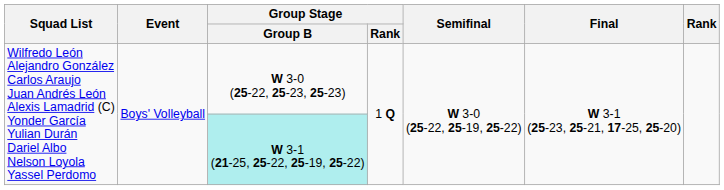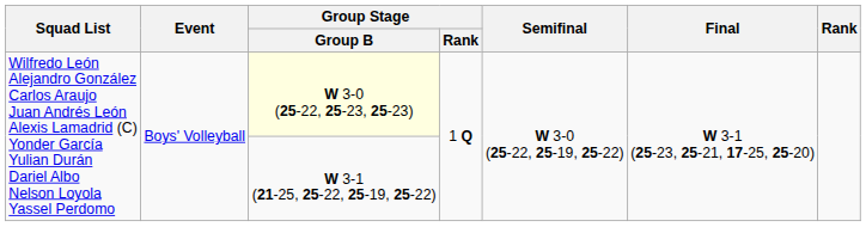 <table class=wikitable style="font-size:90%">
 <tr>
 <th rowspan=2>Squad List</th>
 <th rowspan=2>Event</th>
 <th colspan=2>Group Stage</th>
 <th rowspan=2>Semifinal</th>
 <th rowspan=2>Final</th>
 <th rowspan=2>Rank</th>
 </tr>
 <tr>
 <th>Group B</th>
 <th>Rank</th>
 </tr>
 <tr>
 <td rowspan=2><a href='#'>Wilfredo León</a><br><a href='#'>Alejandro González</a><br><a href='#'>Carlos Araujo</a><br><a href='#'>Juan Andrés León</a><br><a href='#'>Alexis Lamadrid</a> (C)<br><a href='#'>Yonder García</a><br><a href='#'>Yulian Durán</a><br><a href='#'>Dariel Albo</a><br><a href='#'>Nelson Loyola</a><br><a href='#'>Yassel Perdomo</a></td>
 <td rowspan=2><a href='#'>Boys' Volleyball</a></td>
-<td align=center><br> <strong>W</strong> 3-0<br> (<strong>25</strong>-22, <strong>25</strong>-23, <strong>25</strong>-23)</td>
+<td align=center style="background: lightyellow;"><br> <strong>W</strong> 3-0<br> (<strong>25</strong>-22, <strong>25</strong>-23, <strong>25</strong>-23)</td>
 <td rowspan=2 align=center>1 <strong>Q</strong></td>
 <td rowspan=2 align=center><br> <strong>W</strong> 3-0<br> (<strong>25</strong>-22, <strong>25</strong>-19, <strong>25</strong>-22)</td>
 <td rowspan=2 align=center><br> <strong>W</strong> 3-1<br> (<strong>25</strong>-23, <strong>25</strong>-21, <strong>17</strong>-25, <strong>25</strong>-20)</td>
 <td rowspan=2 align=center></td>
 </tr>
 <tr>
-<td align=center style="background: paleturquoise;"><br> <strong>W</strong> 3-1<br> (<strong>21</strong>-25, <strong>25</strong>-22, <strong>25</strong>-19, <strong>25</strong>-22)</td>
+<td align=center><br> <strong>W</strong> 3-1<br> (<strong>21</strong>-25, <strong>25</strong>-22, <strong>25</strong>-19, <strong>25</strong>-22)</td>
 </tr>
 </table>
